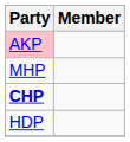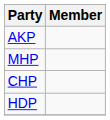 <table class="wikitable">
 <tr>
 <th>Party</th>
 <th colspan="2">Member</th>
 </tr>
 <tr>
-<td style="background: pink;"><a href='#'>AKP</a></td>
+<td><a href='#'>AKP</a></td>
 <td></td>
 </tr>
 <tr>
 <td><a href='#'>MHP</a></td>
 <td></td>
 </tr>
 <tr>
-<td><strong><a href='#'>CHP</a></strong></td>
+<td><a href='#'>CHP</a></td>
 <td></td>
 </tr>
 <tr>
 <td><a href='#'>HDP</a></td>
 <td></td>
 </tr>
 <tr>
 </tr>
 </table>
